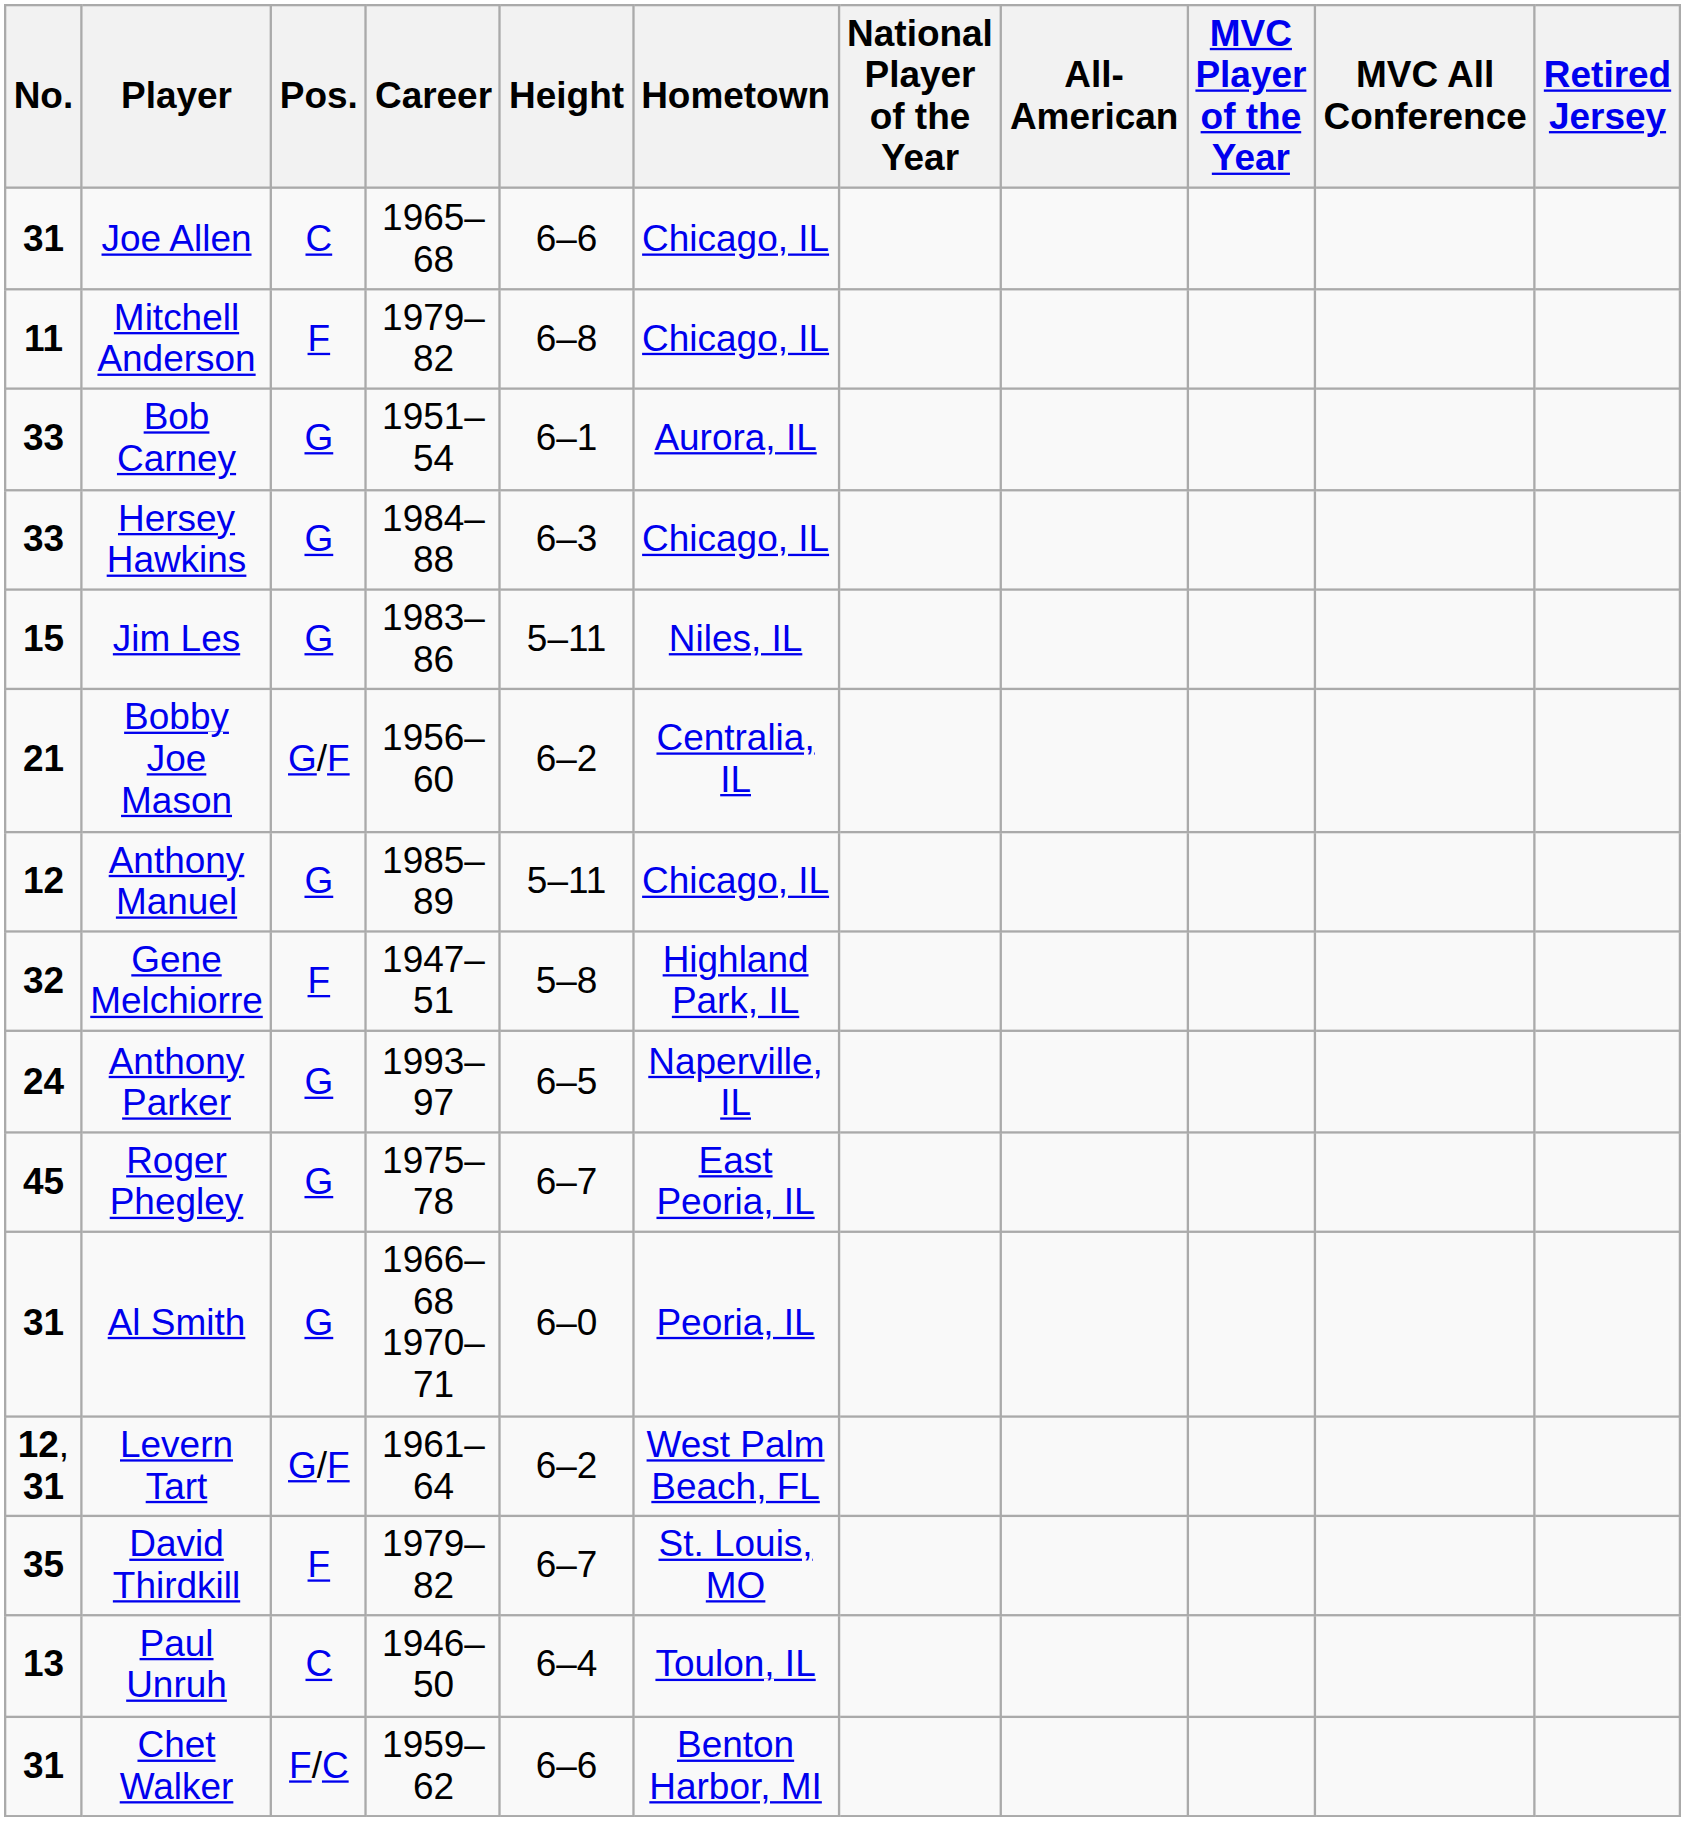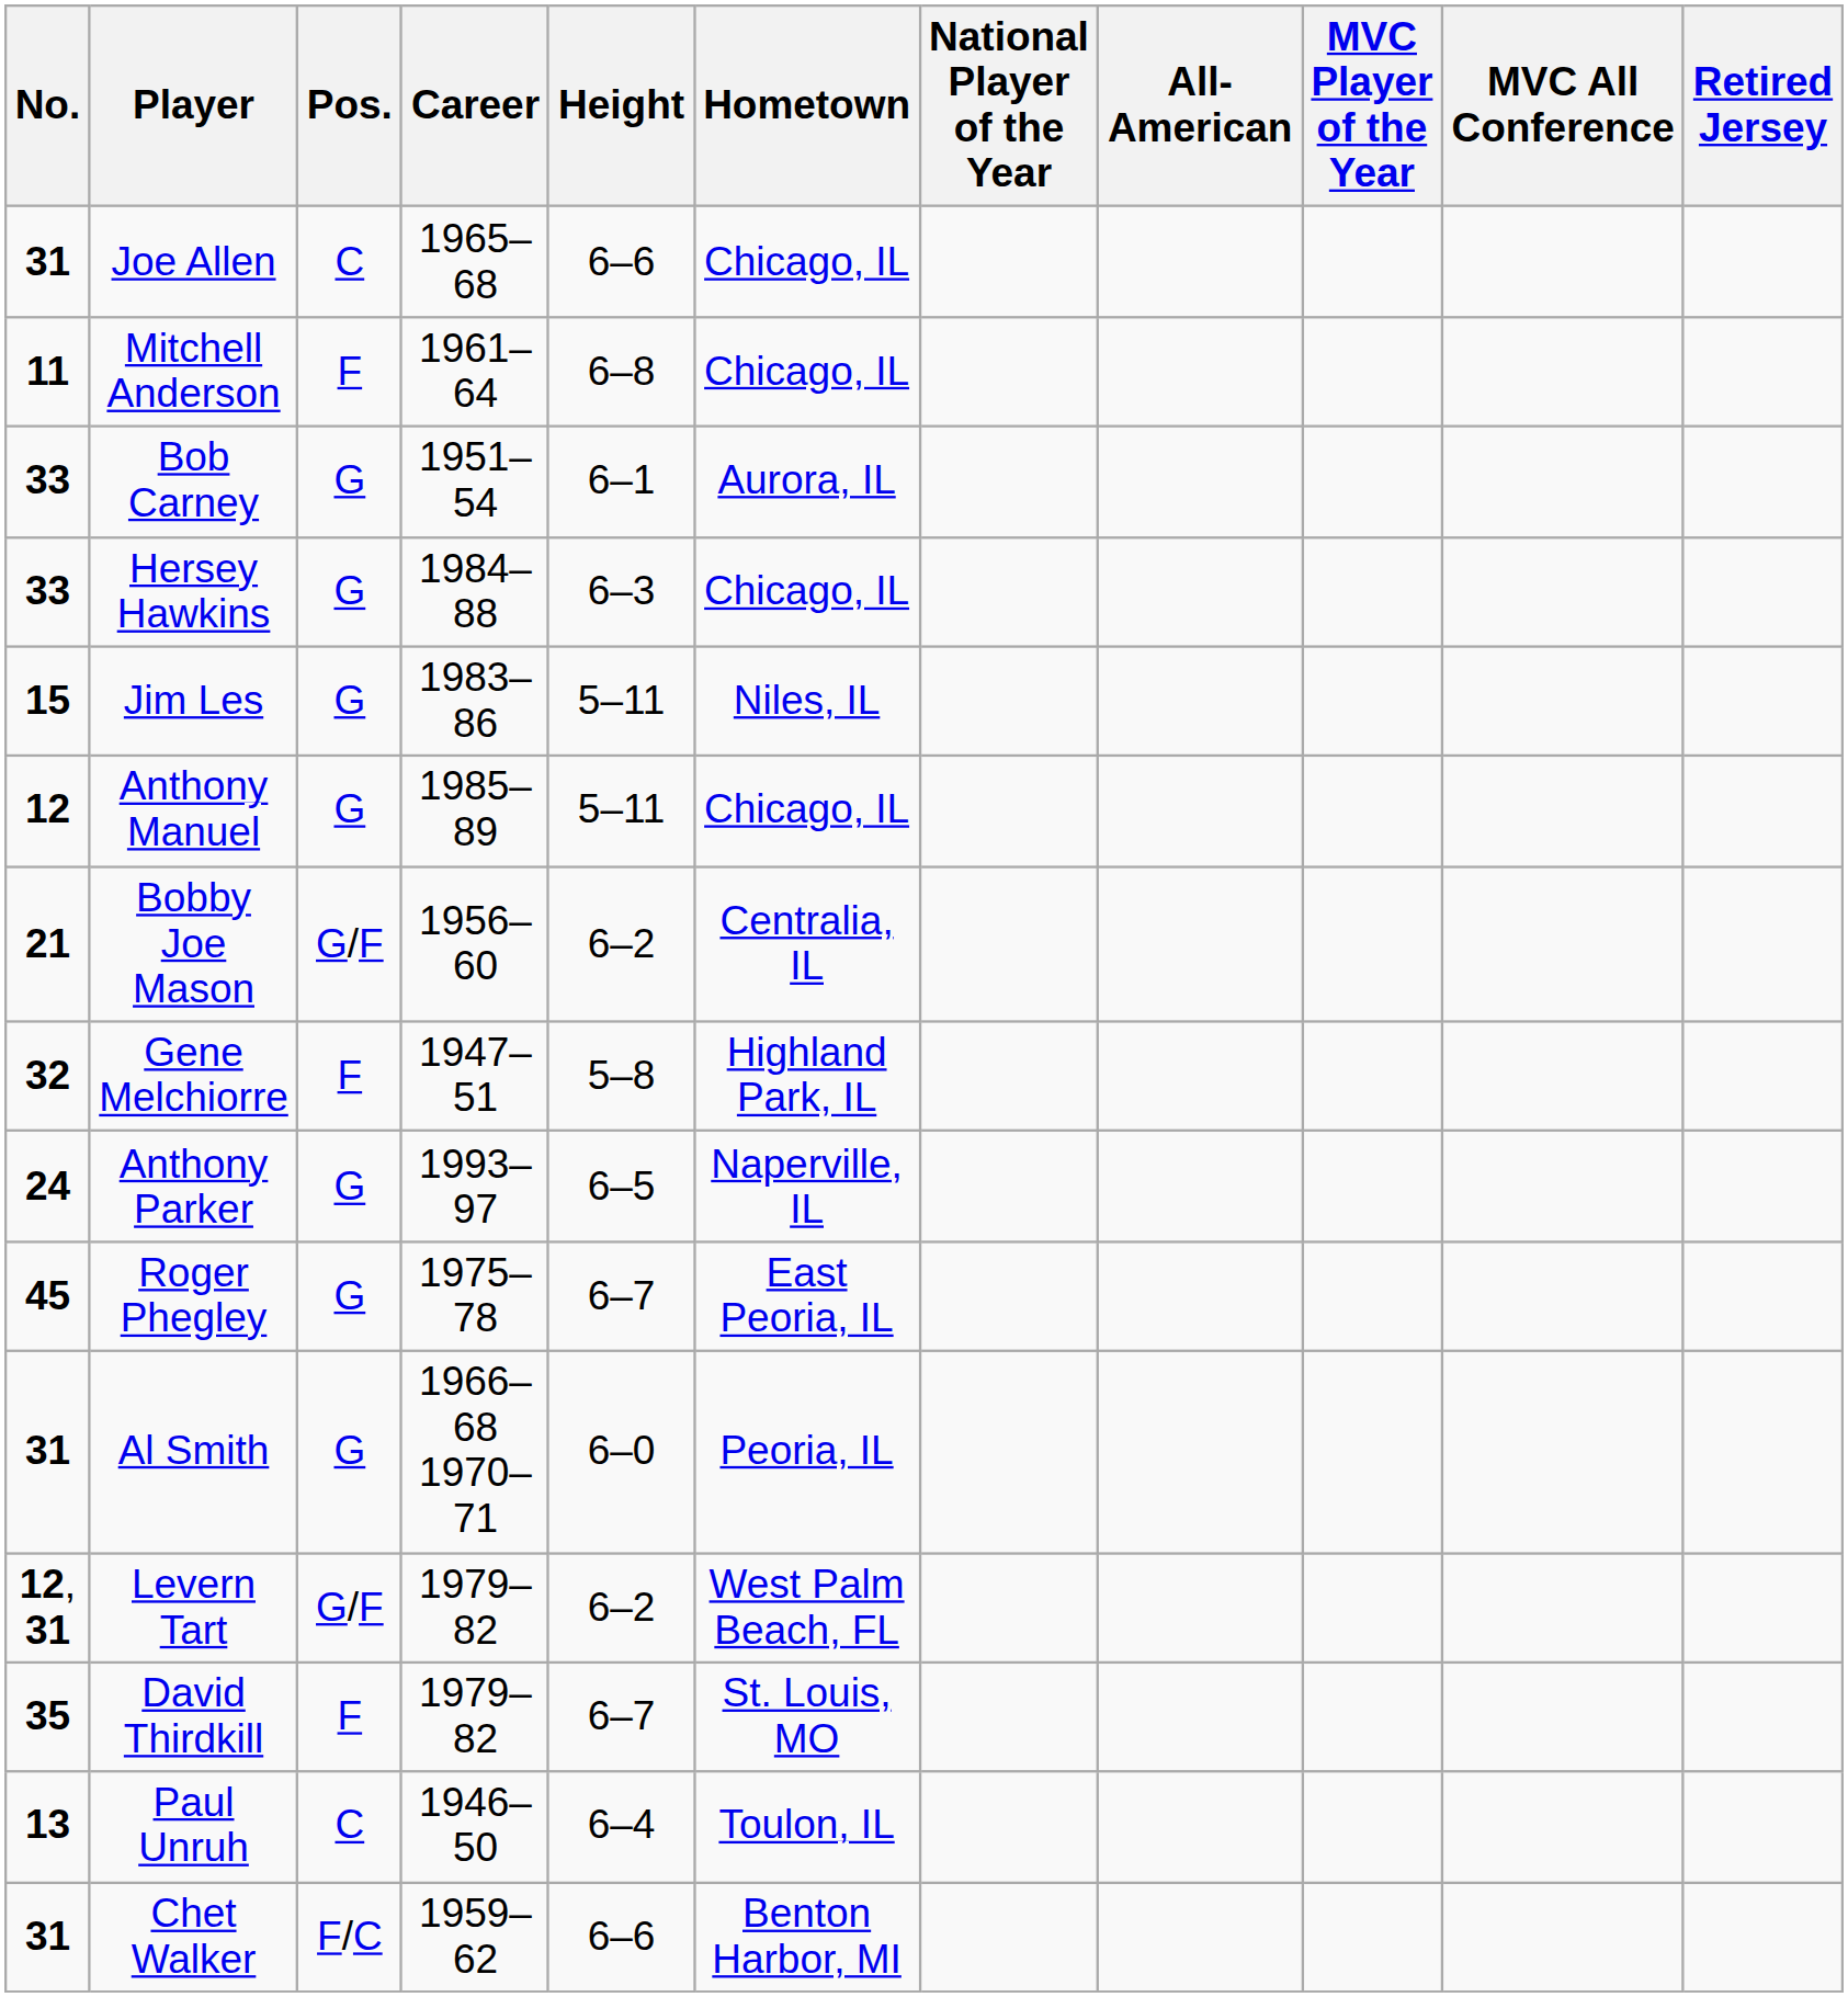 <table class="wikitable sortable" style="text-align:center">
 <tr>
 <th>No.</th>
 <th>Player</th>
 <th>Pos.</th>
 <th>Career</th>
 <th>Height</th>
 <th>Hometown</th>
 <th>National Player of the Year</th>
 <th>All-American</th>
 <th><a href='#'>MVC Player of the Year</a></th>
 <th>MVC All Conference</th>
 <th><a href='#'>Retired Jersey</a></th>
 </tr>
 <tr>
 <td><strong>31</strong></td>
 <td><a href='#'>Joe Allen</a></td>
 <td><a href='#'>C</a></td>
 <td>1965–68</td>
 <td>6–6</td>
 <td><a href='#'>Chicago, IL</a></td>
 <td> </td>
 <td></td>
 <td> </td>
 <td></td>
 <td></td>
 </tr>
 <tr>
 <td><strong>11</strong></td>
 <td><a href='#'>Mitchell Anderson</a></td>
 <td><a href='#'>F</a></td>
-<td>1979–82</td>
+<td>1961–64</td>
 <td>6–8</td>
 <td><a href='#'>Chicago, IL</a></td>
 <td> </td>
 <td></td>
 <td> </td>
 <td></td>
 <td></td>
 </tr>
 <tr>
 <td><strong>33</strong></td>
 <td><a href='#'>Bob Carney</a></td>
 <td><a href='#'>G</a></td>
 <td>1951–54</td>
 <td>6–1</td>
 <td><a href='#'>Aurora, IL</a></td>
 <td> </td>
 <td></td>
 <td> </td>
 <td></td>
 <td></td>
 </tr>
 <tr>
 <td><strong>33</strong></td>
 <td><a href='#'>Hersey Hawkins</a></td>
 <td><a href='#'>G</a></td>
 <td>1984–88</td>
 <td>6–3</td>
 <td><a href='#'>Chicago, IL</a></td>
 <td></td>
 <td></td>
 <td></td>
 <td></td>
 <td></td>
 </tr>
 <tr>
 <td><strong>15</strong></td>
 <td><a href='#'>Jim Les</a></td>
 <td><a href='#'>G</a></td>
 <td>1983–86</td>
 <td>5–11</td>
 <td><a href='#'>Niles, IL</a></td>
 <td> </td>
 <td> </td>
 <td></td>
 <td></td>
 <td> </td>
 </tr>
 <tr>
+<td><strong>12</strong></td>
+<td><a href='#'>Anthony Manuel</a></td>
+<td><a href='#'>G</a></td>
+<td>1985–89</td>
+<td>5–11</td>
+<td><a href='#'>Chicago, IL</a></td>
+<td> </td>
+<td> </td>
+<td></td>
+<td></td>
+<td> </td>
+</tr>
+<tr>
 <td><strong>21</strong></td>
 <td><a href='#'>Bobby Joe Mason</a></td>
 <td><a href='#'>G</a>/<a href='#'>F</a></td>
 <td>1956–60</td>
 <td>6–2</td>
 <td><a href='#'>Centralia, IL</a></td>
 <td> </td>
 <td></td>
 <td> </td>
-<td></td>
-<td> </td>
-</tr>
-<tr>
-<td><strong>12</strong></td>
-<td><a href='#'>Anthony Manuel</a></td>
-<td><a href='#'>G</a></td>
-<td>1985–89</td>
-<td>5–11</td>
-<td><a href='#'>Chicago, IL</a></td>
-<td> </td>
-<td> </td>
-<td></td>
 <td></td>
 <td> </td>
 </tr>
 <tr>
 <td><strong>32</strong></td>
 <td><a href='#'>Gene Melchiorre</a></td>
 <td><a href='#'>F</a></td>
 <td>1947–51</td>
 <td>5–8</td>
 <td><a href='#'>Highland Park, IL</a></td>
 <td> </td>
 <td></td>
 <td> </td>
 <td></td>
 <td> </td>
 </tr>
 <tr>
 <td><strong>24</strong></td>
 <td><a href='#'>Anthony Parker</a></td>
 <td><a href='#'>G</a></td>
 <td>1993–97</td>
 <td>6–5</td>
 <td><a href='#'>Naperville, IL</a></td>
 <td> </td>
 <td></td>
 <td></td>
 <td></td>
 <td> </td>
 </tr>
 <tr>
 <td><strong>45</strong></td>
 <td><a href='#'>Roger Phegley</a></td>
 <td><a href='#'>G</a></td>
 <td>1975–78</td>
 <td>6–7</td>
 <td><a href='#'>East Peoria, IL</a></td>
 <td> </td>
 <td></td>
 <td></td>
 <td></td>
 <td></td>
 </tr>
 <tr>
 <td><strong>31</strong></td>
 <td><a href='#'>Al Smith</a></td>
 <td><a href='#'>G</a></td>
 <td>1966–68<br>1970–71</td>
 <td>6–0</td>
 <td><a href='#'>Peoria, IL</a></td>
 <td> </td>
 <td> </td>
 <td> </td>
 <td></td>
 <td> </td>
 </tr>
 <tr>
 <td><strong>12</strong>, <strong>31</strong></td>
 <td><a href='#'>Levern Tart</a></td>
 <td><a href='#'>G</a>/<a href='#'>F</a></td>
-<td>1961–64</td>
+<td>1979–82</td>
 <td>6–2</td>
 <td><a href='#'>West Palm Beach, FL</a></td>
 <td> </td>
 <td></td>
 <td> </td>
 <td></td>
 <td> </td>
 </tr>
 <tr>
 <td><strong>35</strong></td>
 <td><a href='#'>David Thirdkill</a></td>
 <td><a href='#'>F</a></td>
 <td>1979–82</td>
 <td>6–7</td>
 <td><a href='#'>St. Louis, MO</a></td>
 <td> </td>
 <td> </td>
 <td> </td>
 <td></td>
 <td> </td>
 </tr>
 <tr>
 <td><strong>13</strong></td>
 <td><a href='#'>Paul Unruh</a></td>
 <td><a href='#'>C</a></td>
 <td>1946–50</td>
 <td>6–4</td>
 <td><a href='#'>Toulon, IL</a></td>
 <td> </td>
 <td></td>
 <td> </td>
 <td></td>
 <td></td>
 </tr>
 <tr>
 <td><strong>31</strong></td>
 <td><a href='#'>Chet Walker</a></td>
 <td><a href='#'>F</a>/<a href='#'>C</a></td>
 <td>1959–62</td>
 <td>6–6</td>
 <td><a href='#'>Benton Harbor, MI</a></td>
 <td> </td>
 <td></td>
 <td> </td>
 <td></td>
 <td></td>
 </tr>
 </table>
